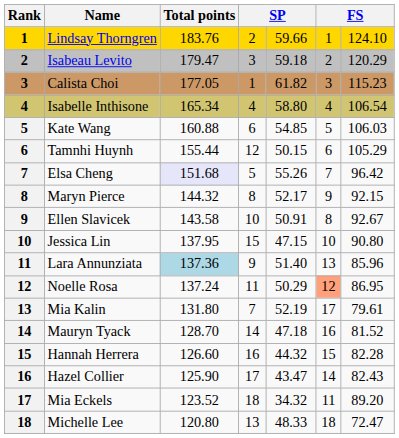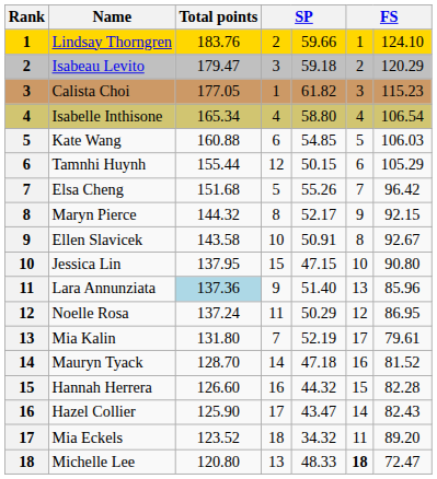 <table class="wikitable sortable">
 <tr>
 <th>Rank</th>
 <th>Name</th>
 <th>Total points</th>
 <th colspan="2" width="80px"><a href='#'>SP</a></th>
 <th colspan="2" width="80px"><a href='#'>FS</a></th>
 </tr>
 <tr bgcolor="gold">
 <td align="center"><strong>1</strong></td>
 <td><a href='#'>Lindsay Thorngren</a></td>
 <td align="center">183.76</td>
 <td align="center">2</td>
 <td align="center">59.66</td>
 <td align="center">1</td>
 <td align="center">124.10</td>
 </tr>
 <tr bgcolor="silver">
 <td align="center"><strong>2</strong></td>
 <td><a href='#'>Isabeau Levito</a></td>
 <td align="center">179.47</td>
 <td align="center">3</td>
 <td align="center">59.18</td>
 <td align="center">2</td>
 <td align="center">120.29</td>
 </tr>
 <tr bgcolor="cc9966">
 <td align="center"><strong>3</strong></td>
 <td>Calista Choi</td>
 <td align="center">177.05</td>
 <td align="center">1</td>
 <td align="center">61.82</td>
 <td align="center">3</td>
 <td align="center">115.23</td>
 </tr>
 <tr bgcolor="#d1c571">
 <td align="center"><strong>4</strong></td>
 <td>Isabelle Inthisone</td>
 <td align="center">165.34</td>
 <td align="center">4</td>
 <td align="center">58.80</td>
 <td align="center">4</td>
 <td align="center">106.54</td>
 </tr>
 <tr>
 <th>5</th>
 <td>Kate Wang</td>
 <td align="center">160.88</td>
 <td align="center">6</td>
 <td align="center">54.85</td>
 <td align="center">5</td>
 <td align="center">106.03</td>
 </tr>
 <tr>
 <th>6</th>
 <td>Tamnhi Huynh</td>
 <td align="center">155.44</td>
 <td align="center">12</td>
 <td align="center">50.15</td>
 <td align="center">6</td>
 <td align="center">105.29</td>
 </tr>
 <tr>
 <th>7</th>
 <td>Elsa Cheng</td>
-<td align="center" style="background: lavender;">151.68</td>
+<td align="center">151.68</td>
 <td align="center">5</td>
 <td align="center">55.26</td>
 <td align="center">7</td>
 <td align="center">96.42</td>
 </tr>
 <tr>
 <th>8</th>
 <td>Maryn Pierce</td>
 <td align="center">144.32</td>
 <td align="center">8</td>
 <td align="center">52.17</td>
 <td align="center">9</td>
 <td align="center">92.15</td>
 </tr>
 <tr>
 <th>9</th>
 <td>Ellen Slavicek</td>
 <td align="center">143.58</td>
 <td align="center">10</td>
 <td align="center">50.91</td>
 <td align="center">8</td>
 <td align="center">92.67</td>
 </tr>
 <tr>
 <th>10</th>
 <td>Jessica Lin</td>
 <td align="center">137.95</td>
 <td align="center">15</td>
 <td align="center">47.15</td>
 <td align="center">10</td>
 <td align="center">90.80</td>
 </tr>
 <tr>
 <th>11</th>
 <td>Lara Annunziata</td>
 <td align="center" style="background: lightblue;">137.36</td>
 <td align="center">9</td>
 <td align="center">51.40</td>
 <td align="center">13</td>
 <td align="center">85.96</td>
 </tr>
 <tr>
 <th>12</th>
 <td>Noelle Rosa</td>
 <td align="center">137.24</td>
 <td align="center">11</td>
 <td align="center">50.29</td>
-<td align="center" style="background: lightsalmon;">12</td>
+<td align="center">12</td>
 <td align="center">86.95</td>
 </tr>
 <tr>
 <th>13</th>
 <td>Mia Kalin</td>
 <td align="center">131.80</td>
 <td align="center">7</td>
 <td align="center">52.19</td>
 <td align="center">17</td>
 <td align="center">79.61</td>
 </tr>
 <tr>
 <th>14</th>
 <td>Mauryn Tyack</td>
 <td align="center">128.70</td>
 <td align="center">14</td>
 <td align="center">47.18</td>
 <td align="center">16</td>
 <td align="center">81.52</td>
 </tr>
 <tr>
 <th>15</th>
 <td>Hannah Herrera</td>
 <td align="center">126.60</td>
 <td align="center">16</td>
 <td align="center">44.32</td>
 <td align="center">15</td>
 <td align="center">82.28</td>
 </tr>
 <tr>
 <th>16</th>
 <td>Hazel Collier</td>
 <td align="center">125.90</td>
 <td align="center">17</td>
 <td align="center">43.47</td>
 <td align="center">14</td>
 <td align="center">82.43</td>
 </tr>
 <tr>
 <th>17</th>
 <td>Mia Eckels</td>
 <td align="center">123.52</td>
 <td align="center">18</td>
 <td align="center">34.32</td>
 <td align="center">11</td>
 <td align="center">89.20</td>
 </tr>
 <tr>
 <th>18</th>
 <td>Michelle Lee</td>
 <td align="center">120.80</td>
 <td align="center">13</td>
 <td align="center">48.33</td>
-<td align="center">18</td>
+<td align="center"><strong>18</strong></td>
 <td align="center">72.47</td>
 </tr>
 </table>
